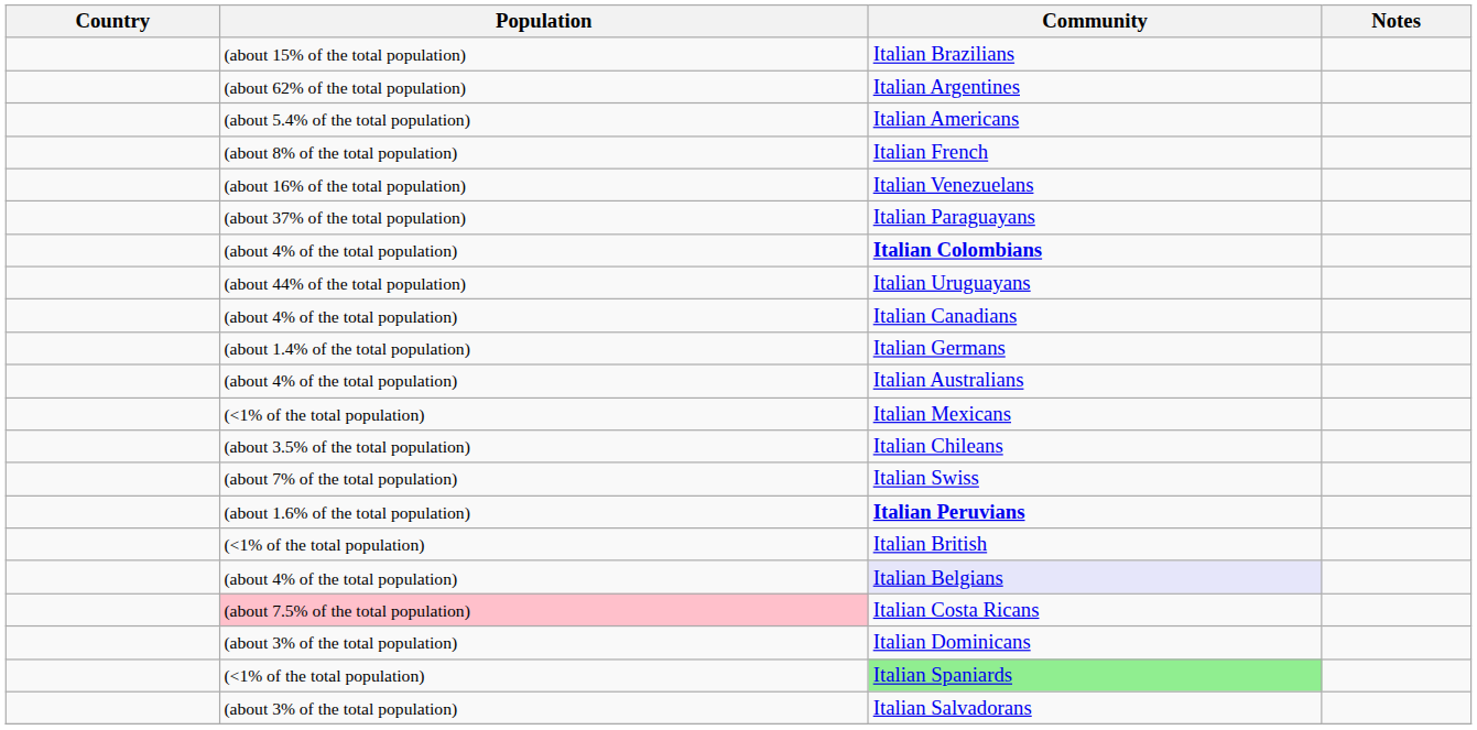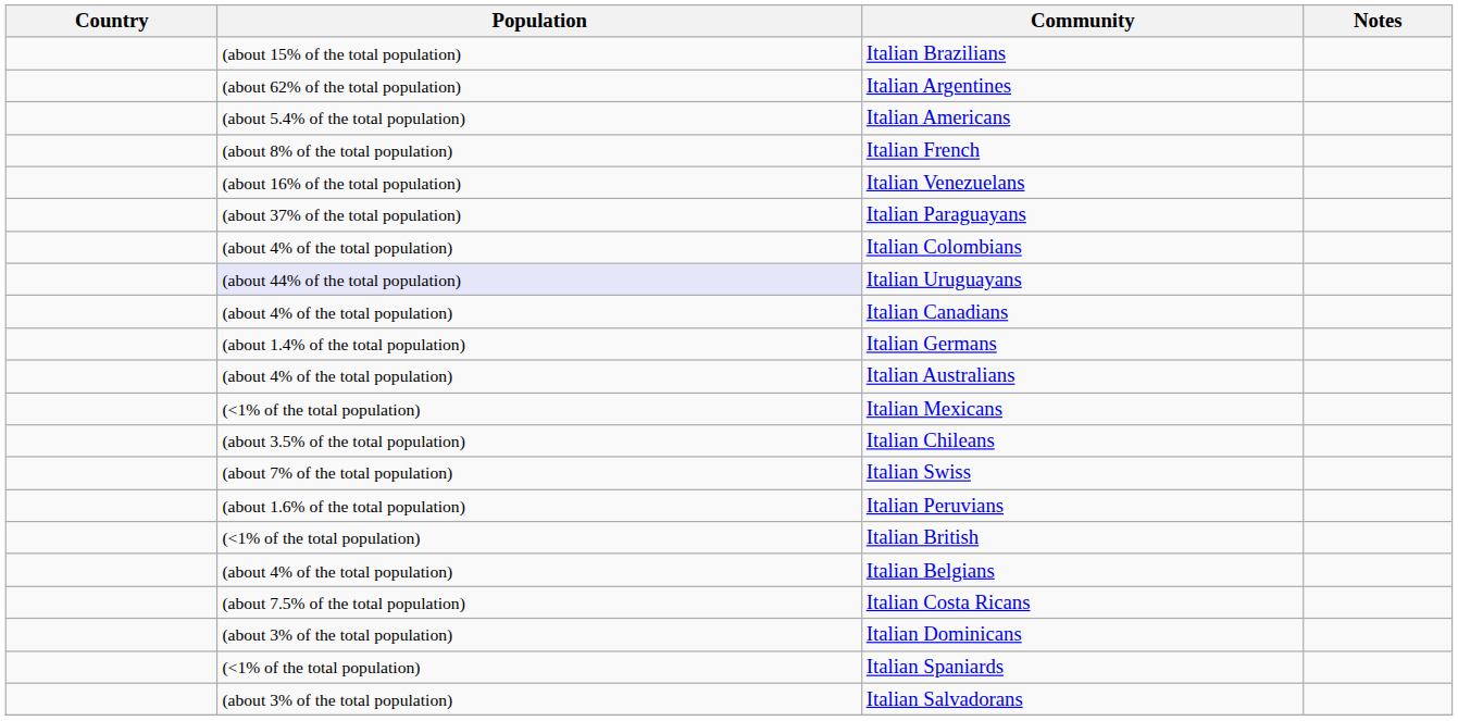 <table class="wikitable" style="width:90%; margin:auto; clear:both">
 <tr>
 <th>Country</th>
 <th>Population</th>
 <th>Community</th>
 <th>Notes</th>
 </tr>
 <tr>
 <td></td>
 <td> <small>(about 15% of the total population)</small></td>
 <td><a href='#'>Italian Brazilians</a></td>
 <td></td>
 </tr>
 <tr>
 <td></td>
 <td> <small>(about 62% of the total population)</small></td>
 <td><a href='#'>Italian Argentines</a></td>
 <td></td>
 </tr>
 <tr>
 <td></td>
 <td> <small>(about 5.4% of the total population)</small></td>
 <td><a href='#'>Italian Americans</a></td>
 <td></td>
 </tr>
 <tr>
 <td></td>
 <td> <small>(about 8% of the total population)</small></td>
 <td><a href='#'>Italian French</a></td>
 <td><br></td>
 </tr>
 <tr>
 <td></td>
 <td> <small>(about 16% of the total population)</small></td>
 <td><a href='#'>Italian Venezuelans</a></td>
 <td></td>
 </tr>
 <tr>
 <td></td>
 <td> <small>(about 37% of the total population)</small></td>
 <td><a href='#'>Italian Paraguayans</a></td>
 <td></td>
 </tr>
 <tr>
 <td></td>
 <td> <small>(about 4% of the total population)</small></td>
-<td><strong><a href='#'>Italian Colombians</a></strong></td>
+<td><a href='#'>Italian Colombians</a></td>
 <td></td>
 </tr>
 <tr>
 <td></td>
-<td> <small>(about 44% of the total population)</small></td>
+<td style="background: lavender;"> <small>(about 44% of the total population)</small></td>
 <td><a href='#'>Italian Uruguayans</a></td>
 <td></td>
 </tr>
 <tr>
 <td></td>
 <td> <small>(about 4% of the total population)</small></td>
 <td><a href='#'>Italian Canadians</a></td>
 <td></td>
 </tr>
 <tr>
 <td></td>
 <td> <small>(about 1.4% of the total population)</small></td>
 <td><a href='#'>Italian Germans</a></td>
 <td></td>
 </tr>
 <tr>
 <td></td>
 <td> <small>(about 4% of the total population)</small></td>
 <td><a href='#'>Italian Australians</a></td>
 <td></td>
 </tr>
 <tr>
 <td></td>
 <td> <small>(<1% of the total population)</small></td>
 <td><a href='#'>Italian Mexicans</a></td>
 <td></td>
 </tr>
 <tr>
 <td></td>
 <td> <small>(about 3.5% of the total population)</small></td>
 <td><a href='#'>Italian Chileans</a></td>
 <td></td>
 </tr>
 <tr>
 <td></td>
 <td> <small>(about 7% of the total population)</small></td>
 <td><a href='#'>Italian Swiss</a></td>
 <td></td>
 </tr>
 <tr>
 <td></td>
 <td> <small>(about 1.6% of the total population)</small></td>
-<td><strong><a href='#'>Italian Peruvians</a></strong></td>
+<td><a href='#'>Italian Peruvians</a></td>
 <td></td>
 </tr>
 <tr>
 <td></td>
 <td> <small>(<1% of the total population)</small></td>
 <td><a href='#'>Italian British</a></td>
 <td></td>
 </tr>
 <tr>
 <td></td>
 <td> <small>(about 4% of the total population)</small></td>
-<td style="background: lavender;"><a href='#'>Italian Belgians</a></td>
+<td><a href='#'>Italian Belgians</a></td>
 <td></td>
 </tr>
 <tr>
 <td></td>
-<td style="background: pink;"> <small>(about 7.5% of the total population)</small></td>
+<td> <small>(about 7.5% of the total population)</small></td>
 <td><a href='#'>Italian Costa Ricans</a></td>
 <td></td>
 </tr>
 <tr>
 <td></td>
 <td> <small>(about 3% of the total population)</small></td>
 <td><a href='#'>Italian Dominicans</a></td>
 <td></td>
 </tr>
 <tr>
 <td></td>
 <td> <small>(<1% of the total population)</small></td>
-<td style="background: lightgreen;"><a href='#'>Italian Spaniards</a></td>
+<td><a href='#'>Italian Spaniards</a></td>
 <td></td>
 </tr>
 <tr>
 <td></td>
 <td> <small>(about 3% of the total population)</small></td>
 <td><a href='#'>Italian Salvadorans</a></td>
 <td></td>
 </tr>
 <tr ||>
 </tr>
 </table>
